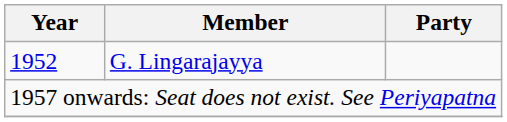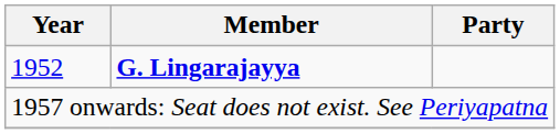 <table class="wikitable sortable">
 <tr>
 <th>Year</th>
 <th>Member</th>
 <th colspan="2">Party</th>
 </tr>
 <tr>
 <td><a href='#'>1952</a></td>
-<td><a href='#'>G. Lingarajayya</a></td>
+<td><strong><a href='#'>G. Lingarajayya</a></strong></td>
 <td></td>
 </tr>
 <tr>
 <td colspan=5 align=center>1957 onwards: <em>Seat does not exist. See <a href='#'>Periyapatna</a></em></td>
 </tr>
 <tr>
 </tr>
 </table>
